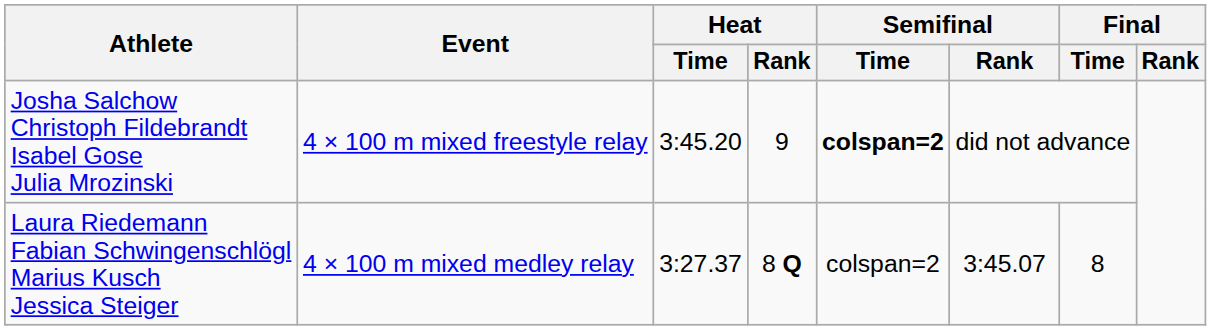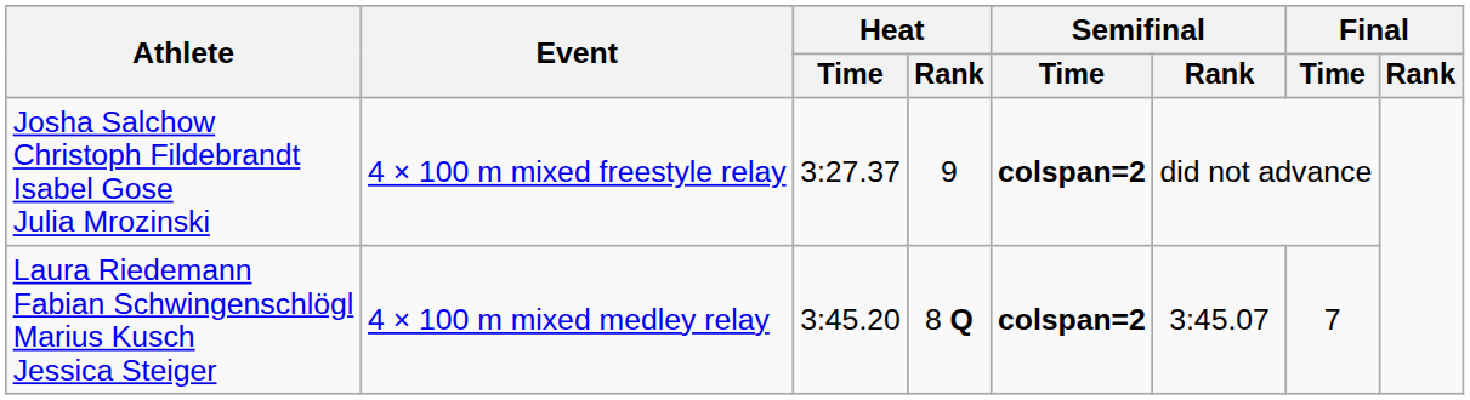 <table class=wikitable style="font-size:90%">
 <tr>
 <th rowspan="2">Athlete</th>
 <th rowspan="2">Event</th>
 <th colspan="2">Heat</th>
 <th colspan="2">Semifinal</th>
 <th colspan="2">Final</th>
 </tr>
 <tr style="font-size:95%">
 <th>Time</th>
 <th>Rank</th>
 <th>Time</th>
 <th>Rank</th>
 <th>Time</th>
 <th>Rank</th>
 </tr>
 <tr align=center>
 <td align=left><a href='#'>Josha Salchow</a><br><a href='#'>Christoph Fildebrandt</a><br><a href='#'>Isabel Gose</a><br><a href='#'>Julia Mrozinski</a></td>
 <td align=left><a href='#'>4 × 100 m mixed freestyle relay</a></td>
-<td>3:45.20</td>
+<td>3:27.37</td>
 <td>9</td>
 <td><strong>colspan=2 </strong></td>
 <td colspan=2>did not advance</td>
 </tr>
 <tr align=center>
 <td align=left><a href='#'>Laura Riedemann</a><br><a href='#'>Fabian Schwingenschlögl</a><br><a href='#'>Marius Kusch</a><br><a href='#'>Jessica Steiger</a></td>
 <td align=left><a href='#'>4 × 100 m mixed medley relay</a></td>
-<td>3:27.37</td>
+<td>3:45.20</td>
 <td>8 <strong>Q</strong></td>
-<td>colspan=2 </td>
+<td><strong>colspan=2 </strong></td>
 <td>3:45.07</td>
-<td>8</td>
+<td>7</td>
 </tr>
 </table>
